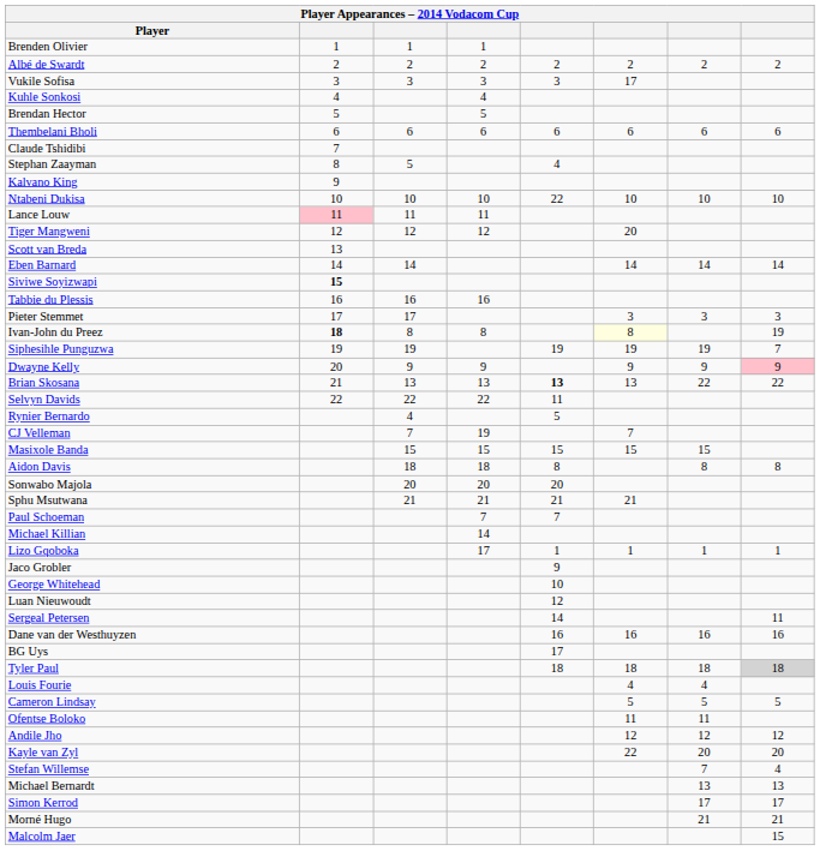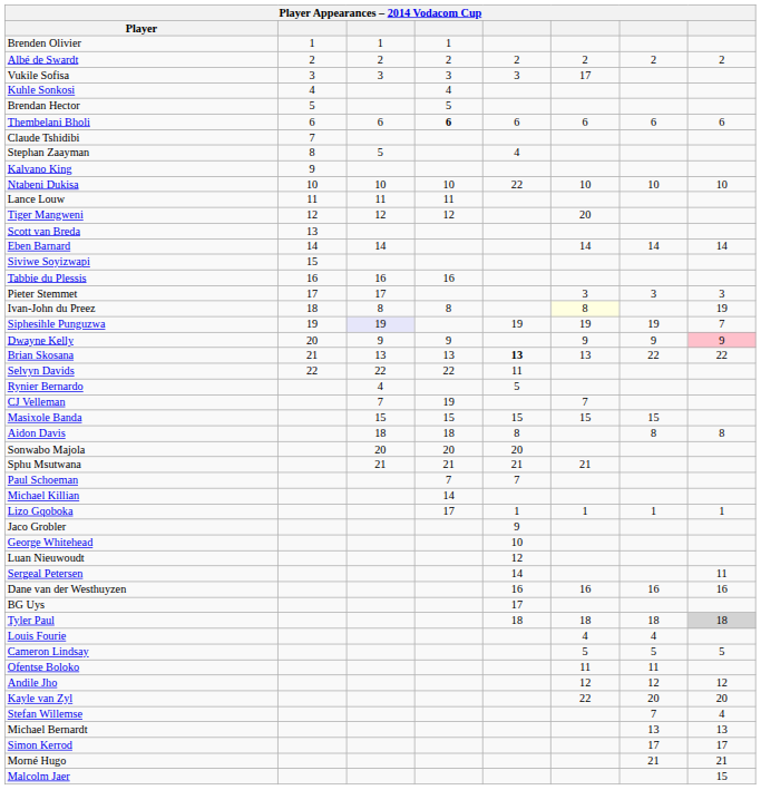 <table class="wikitable sortable"  style="text-align:center; line-height:90%; font-size:90%; width:60%;">
 <tr>
 <th colspan=10>Player Appearances – <a href='#'>2014 Vodacom Cup</a></th>
 </tr>
 <tr>
 <th style="width:20%;">Player</th>
 <th style="width:5%;"></th>
 <th style="width:5%;"></th>
 <th style="width:5%;"></th>
 <th style="width:5%;"></th>
 <th style="width:5%;"></th>
 <th style="width:5%;"></th>
 <th style="width:5%;"></th>
 </tr>
 <tr>
 <td align=left>Brenden Olivier</td>
 <td>1</td>
 <td>1</td>
 <td>1</td>
 <td></td>
 <td></td>
 <td></td>
 <td></td>
 </tr>
 <tr>
 <td align=left><a href='#'>Albé de Swardt</a></td>
 <td>2</td>
 <td>2</td>
 <td>2</td>
 <td>2</td>
 <td>2</td>
 <td>2</td>
 <td>2</td>
 </tr>
 <tr>
 <td align=left>Vukile Sofisa</td>
 <td>3</td>
 <td>3</td>
 <td>3</td>
 <td>3</td>
 <td>17 </td>
 <td></td>
 <td></td>
 </tr>
 <tr>
 <td align=left><a href='#'>Kuhle Sonkosi</a></td>
 <td>4</td>
 <td></td>
 <td>4</td>
 <td></td>
 <td></td>
 <td></td>
 <td></td>
 </tr>
 <tr>
 <td align=left>Brendan Hector</td>
 <td>5</td>
 <td></td>
 <td>5</td>
 <td></td>
 <td></td>
 <td></td>
 <td></td>
 </tr>
 <tr>
 <td align=left><a href='#'>Thembelani Bholi</a></td>
 <td>6</td>
 <td>6</td>
-<td>6</td>
+<td><strong>6</strong></td>
 <td>6</td>
 <td>6</td>
 <td>6</td>
 <td>6</td>
 </tr>
 <tr>
 <td align=left>Claude Tshidibi</td>
 <td>7</td>
 <td></td>
 <td></td>
 <td></td>
 <td></td>
 <td></td>
 <td></td>
 </tr>
 <tr>
 <td align=left>Stephan Zaayman</td>
 <td>8</td>
 <td>5</td>
 <td></td>
 <td>4</td>
 <td></td>
 <td></td>
 <td></td>
 </tr>
 <tr>
 <td align=left><a href='#'>Kalvano King</a></td>
 <td>9</td>
 <td></td>
 <td></td>
 <td></td>
 <td></td>
 <td></td>
 <td></td>
 </tr>
 <tr>
 <td align=left><a href='#'>Ntabeni Dukisa</a></td>
 <td>10</td>
 <td>10</td>
 <td>10</td>
 <td>22 </td>
 <td>10</td>
 <td>10</td>
 <td>10</td>
 </tr>
 <tr>
 <td align=left>Lance Louw</td>
-<td style="background: pink;">11</td>
+<td>11</td>
 <td>11</td>
 <td>11</td>
 <td></td>
 <td></td>
 <td></td>
 <td></td>
 </tr>
 <tr>
 <td align=left><a href='#'>Tiger Mangweni</a></td>
 <td>12</td>
 <td>12</td>
 <td>12</td>
 <td></td>
 <td>20 </td>
 <td></td>
 <td></td>
 </tr>
 <tr>
 <td align=left><a href='#'>Scott van Breda</a></td>
 <td>13</td>
 <td></td>
 <td></td>
 <td></td>
 <td></td>
 <td></td>
 <td></td>
 </tr>
 <tr>
 <td align=left><a href='#'>Eben Barnard</a></td>
 <td>14</td>
 <td>14</td>
 <td></td>
 <td></td>
 <td>14</td>
 <td>14</td>
 <td>14</td>
 </tr>
 <tr>
 <td align=left><a href='#'>Siviwe Soyizwapi</a></td>
-<td><strong>15</strong></td>
+<td>15</td>
 <td></td>
 <td></td>
 <td></td>
 <td></td>
 <td></td>
 <td></td>
 </tr>
 <tr>
 <td align=left><a href='#'>Tabbie du Plessis</a></td>
 <td>16 </td>
 <td>16 </td>
 <td>16 </td>
 <td></td>
 <td></td>
 <td></td>
 <td></td>
 </tr>
 <tr>
 <td align=left>Pieter Stemmet</td>
 <td>17 </td>
 <td>17 </td>
 <td></td>
 <td></td>
 <td>3</td>
 <td>3</td>
 <td>3</td>
 </tr>
 <tr>
 <td align=left>Ivan-John du Preez</td>
-<td><strong>18 </strong></td>
+<td>18 </td>
 <td>8</td>
 <td>8</td>
 <td></td>
 <td style="background: lightyellow;">8</td>
 <td></td>
 <td>19 </td>
 </tr>
 <tr>
 <td align=left><a href='#'>Siphesihle Punguzwa</a></td>
 <td>19 </td>
-<td>19 </td>
+<td style="background: lavender;">19 </td>
 <td></td>
 <td>19 </td>
 <td>19 </td>
 <td>19 </td>
 <td>7</td>
 </tr>
 <tr>
 <td align=left><a href='#'>Dwayne Kelly</a></td>
 <td>20 </td>
 <td>9</td>
 <td>9</td>
 <td></td>
 <td>9</td>
 <td>9</td>
 <td style="background: pink;">9</td>
 </tr>
 <tr>
 <td align=left><a href='#'>Brian Skosana</a></td>
 <td>21 </td>
 <td>13</td>
 <td>13</td>
 <td><strong>13</strong></td>
 <td>13</td>
 <td>22 </td>
 <td>22 </td>
 </tr>
 <tr>
 <td align=left><a href='#'>Selvyn Davids</a></td>
 <td>22 </td>
 <td>22 </td>
 <td>22 </td>
 <td>11</td>
 <td></td>
 <td></td>
 <td></td>
 </tr>
 <tr>
 <td align=left><a href='#'>Rynier Bernardo</a></td>
 <td></td>
 <td>4</td>
 <td></td>
 <td>5</td>
 <td></td>
 <td></td>
 <td></td>
 </tr>
 <tr>
 <td align=left><a href='#'>CJ Velleman</a></td>
 <td></td>
 <td>7</td>
 <td>19 </td>
 <td></td>
 <td>7</td>
 <td></td>
 <td></td>
 </tr>
 <tr>
 <td align=left><a href='#'>Masixole Banda</a></td>
 <td></td>
 <td>15</td>
 <td>15</td>
 <td>15</td>
 <td>15</td>
 <td>15</td>
 <td></td>
 </tr>
 <tr>
 <td align=left><a href='#'>Aidon Davis</a></td>
 <td></td>
 <td>18 </td>
 <td>18 </td>
 <td>8</td>
 <td></td>
 <td>8</td>
 <td>8</td>
 </tr>
 <tr>
 <td align=left>Sonwabo Majola</td>
 <td></td>
 <td>20 </td>
 <td>20 </td>
 <td>20 </td>
 <td></td>
 <td></td>
 <td></td>
 </tr>
 <tr>
 <td align=left>Sphu Msutwana</td>
 <td></td>
 <td>21 </td>
 <td>21 </td>
 <td>21 </td>
 <td>21 </td>
 <td></td>
 <td></td>
 </tr>
 <tr>
 <td align=left><a href='#'>Paul Schoeman</a></td>
 <td></td>
 <td></td>
 <td>7</td>
 <td>7</td>
 <td></td>
 <td></td>
 <td></td>
 </tr>
 <tr>
 <td align=left><a href='#'>Michael Killian</a></td>
 <td></td>
 <td></td>
 <td>14</td>
 <td></td>
 <td></td>
 <td></td>
 <td></td>
 </tr>
 <tr>
 <td align=left><a href='#'>Lizo Gqoboka</a></td>
 <td></td>
 <td></td>
 <td>17 </td>
 <td>1</td>
 <td>1</td>
 <td>1</td>
 <td>1</td>
 </tr>
 <tr>
 <td align=left>Jaco Grobler</td>
 <td></td>
 <td></td>
 <td></td>
 <td>9</td>
 <td></td>
 <td></td>
 <td></td>
 </tr>
 <tr>
 <td align=left><a href='#'>George Whitehead</a></td>
 <td></td>
 <td></td>
 <td></td>
 <td>10</td>
 <td></td>
 <td></td>
 <td></td>
 </tr>
 <tr>
 <td align=left>Luan Nieuwoudt</td>
 <td></td>
 <td></td>
 <td></td>
 <td>12</td>
 <td></td>
 <td></td>
 <td></td>
 </tr>
 <tr>
 <td align=left><a href='#'>Sergeal Petersen</a></td>
 <td></td>
 <td></td>
 <td></td>
 <td>14</td>
 <td></td>
 <td></td>
 <td>11</td>
 </tr>
 <tr>
 <td align=left>Dane van der Westhuyzen</td>
 <td></td>
 <td></td>
 <td></td>
 <td>16 </td>
 <td>16 </td>
 <td>16 </td>
 <td>16 </td>
 </tr>
 <tr>
 <td align=left>BG Uys</td>
 <td></td>
 <td></td>
 <td></td>
 <td>17 </td>
 <td></td>
 <td></td>
 <td></td>
 </tr>
 <tr>
 <td align=left><a href='#'>Tyler Paul</a></td>
 <td></td>
 <td></td>
 <td></td>
 <td>18 </td>
 <td>18 </td>
 <td>18 </td>
 <td style="background: lightgrey;">18</td>
 </tr>
 <tr>
 <td align=left><a href='#'>Louis Fourie</a></td>
 <td></td>
 <td></td>
 <td></td>
 <td></td>
 <td>4</td>
 <td>4</td>
 <td></td>
 </tr>
 <tr>
 <td align=left><a href='#'>Cameron Lindsay</a></td>
 <td></td>
 <td></td>
 <td></td>
 <td></td>
 <td>5</td>
 <td>5</td>
 <td>5</td>
 </tr>
 <tr>
 <td align=left><a href='#'>Ofentse Boloko</a></td>
 <td></td>
 <td></td>
 <td></td>
 <td></td>
 <td>11</td>
 <td>11</td>
 <td></td>
 </tr>
 <tr>
 <td align=left><a href='#'>Andile Jho</a></td>
 <td></td>
 <td></td>
 <td></td>
 <td></td>
 <td>12</td>
 <td>12</td>
 <td>12</td>
 </tr>
 <tr>
 <td align=left><a href='#'>Kayle van Zyl</a></td>
 <td></td>
 <td></td>
 <td></td>
 <td></td>
 <td>22 </td>
 <td>20 </td>
 <td>20 </td>
 </tr>
 <tr>
 <td align=left><a href='#'>Stefan Willemse</a></td>
 <td></td>
 <td></td>
 <td></td>
 <td></td>
 <td></td>
 <td>7</td>
 <td>4</td>
 </tr>
 <tr>
 <td align=left>Michael Bernardt</td>
 <td></td>
 <td></td>
 <td></td>
 <td></td>
 <td></td>
 <td>13</td>
 <td>13</td>
 </tr>
 <tr>
 <td align=left><a href='#'>Simon Kerrod</a></td>
 <td></td>
 <td></td>
 <td></td>
 <td></td>
 <td></td>
 <td>17 </td>
 <td>17 </td>
 </tr>
 <tr>
 <td align=left>Morné Hugo</td>
 <td></td>
 <td></td>
 <td></td>
 <td></td>
 <td></td>
 <td>21 </td>
 <td>21 </td>
 </tr>
 <tr>
 <td align=left><a href='#'>Malcolm Jaer</a></td>
 <td></td>
 <td></td>
 <td></td>
 <td></td>
 <td></td>
 <td></td>
 <td>15</td>
 </tr>
 </table>
